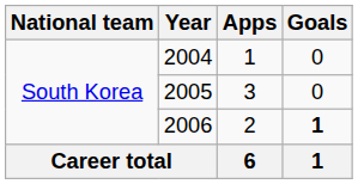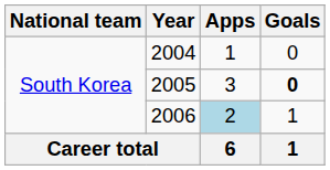 <table class="wikitable" style="text-align:center">
 <tr>
 <th>National team</th>
 <th>Year</th>
 <th>Apps</th>
 <th>Goals</th>
 </tr>
 <tr>
 <td rowspan="3"><a href='#'>South Korea</a></td>
 <td>2004</td>
 <td>1</td>
 <td>0</td>
 </tr>
 <tr>
 <td>2005</td>
 <td>3</td>
-<td>0</td>
+<td><strong>0</strong></td>
 </tr>
 <tr>
 <td>2006</td>
-<td>2</td>
-<td><strong>1</strong></td>
+<td style="background: lightblue;">2</td>
+<td>1</td>
 </tr>
 <tr>
 <th colspan="2">Career total</th>
 <th>6</th>
 <th>1</th>
 </tr>
 </table>
